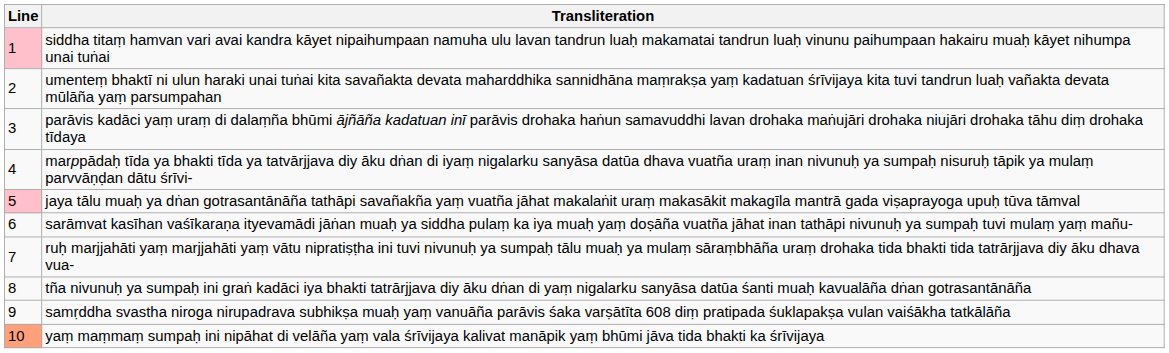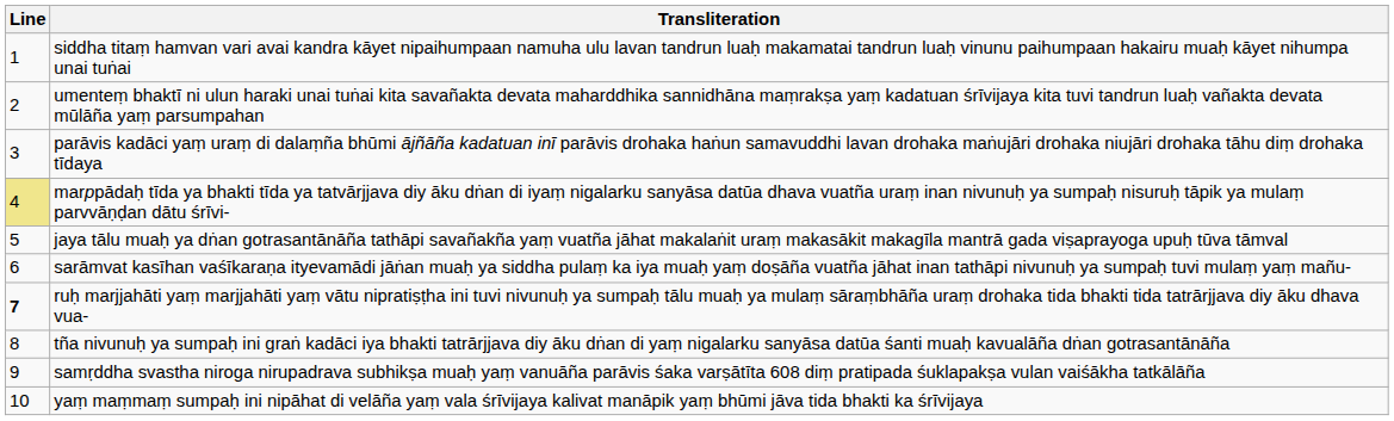 <table class="wikitable">
 <tr>
 <th>Line</th>
 <th>Transliteration</th>
 </tr>
 <tr>
-<td style="background: pink;">1</td>
+<td>1</td>
 <td>siddha titaṃ hamvan vari avai kandra kāyet nipaihumpaan namuha ulu lavan tandrun luaḥ makamatai tandrun luaḥ vinunu paihumpaan hakairu muaḥ kāyet nihumpa unai tuṅai</td>
 </tr>
 <tr>
 <td>2</td>
 <td>umenteṃ bhaktī ni ulun haraki unai tuṅai kita savañakta devata maharddhika sannidhāna maṃrakṣa yaṃ kadatuan śrīvijaya kita tuvi tandrun luaḥ vañakta devata mūlāña yaṃ parsumpahan</td>
 </tr>
 <tr>
 <td>3</td>
 <td>parāvis kadāci yaṃ uraṃ di dalaṃña bhūmi <em>ājñāña kadatuan inī</em> parāvis drohaka haṅun samavuddhi lavan drohaka maṅujāri drohaka niujāri drohaka tāhu diṃ drohaka tīdaya</td>
 </tr>
 <tr>
-<td>4</td>
+<td style="background: khaki;">4</td>
 <td>mar<em>p</em>pādaḥ tīda ya bhakti tīda ya tatvārjjava diy āku dṅan di iyaṃ nigalarku sanyāsa datūa dhava vuatña uraṃ inan nivunuḥ ya sumpaḥ nisuruḥ tāpik ya mulaṃ parvvāṇḍan dātu śrīvi-</td>
 </tr>
 <tr>
-<td style="background: pink;">5</td>
+<td>5</td>
 <td>jaya tālu muaḥ ya dṅan gotrasantānāña tathāpi savañakña yaṃ vuatña jāhat makalaṅit uraṃ makasākit makagīla mantrā gada viṣaprayoga upuḥ tūva tāmval</td>
 </tr>
 <tr>
 <td>6</td>
 <td>sarāmvat kasīhan vaśīkaraṇa ityevamādi jāṅan muaḥ ya siddha pulaṃ ka iya muaḥ yaṃ doṣāña vuatña jāhat inan tathāpi nivunuḥ ya sumpaḥ tuvi mulaṃ yaṃ mañu-</td>
 </tr>
 <tr>
-<td>7</td>
+<td><strong>7</strong></td>
 <td>ruḥ marjjahāti yaṃ marjjahāti yaṃ vātu nipratiṣṭha ini tuvi nivunuḥ ya sumpaḥ tālu muaḥ ya mulaṃ sāraṃbhāña uraṃ drohaka tida bhakti tida tatrārjjava diy āku dhava vua-</td>
 </tr>
 <tr>
 <td>8</td>
 <td>tña nivunuḥ ya sumpaḥ ini graṅ kadāci iya bhakti tatrārjjava diy āku dṅan di yaṃ nigalarku sanyāsa datūa śanti muaḥ kavualāña dṅan gotrasantānāña</td>
 </tr>
 <tr>
 <td>9</td>
 <td>samṛddha svastha niroga nirupadrava subhikṣa muaḥ yaṃ vanuāña parāvis śaka varṣātīta 608 diṃ pratipada śuklapakṣa vulan vaiśākha tatkālāña</td>
 </tr>
 <tr>
-<td style="background: lightsalmon;">10</td>
+<td>10</td>
 <td>yaṃ maṃmaṃ sumpaḥ ini nipāhat di velāña yaṃ vala śrīvijaya kalivat manāpik yaṃ bhūmi jāva tida bhakti ka śrīvijaya</td>
 </tr>
 </table>
